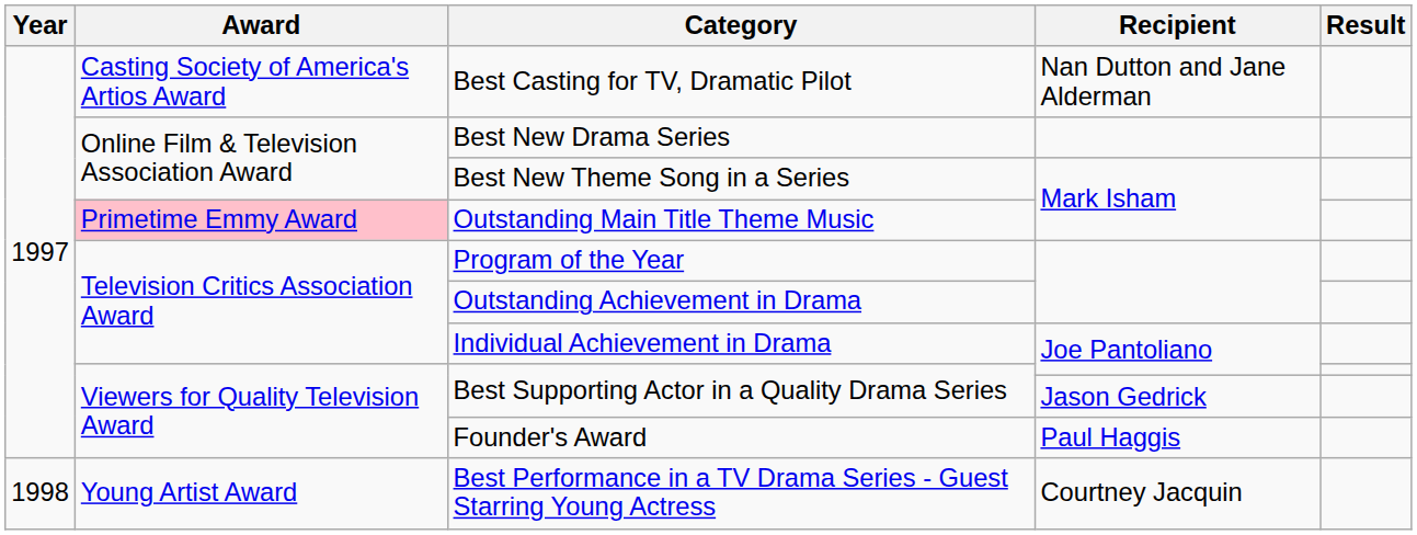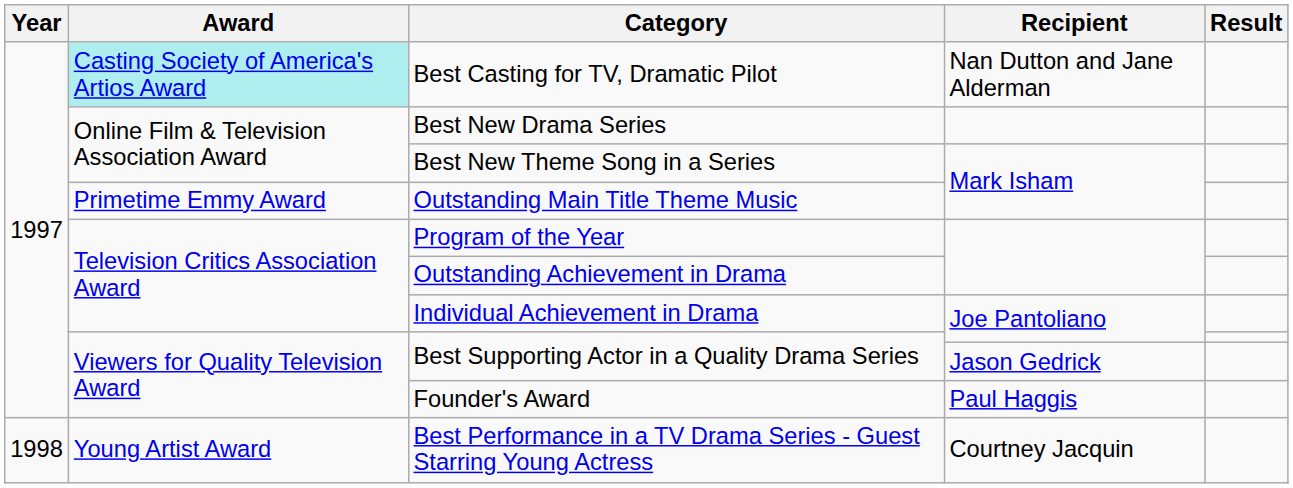 <table class="wikitable">
 <tr>
 <th>Year</th>
 <th>Award</th>
 <th>Category</th>
 <th>Recipient</th>
 <th>Result</th>
 </tr>
 <tr>
 <td rowspan=10>1997</td>
-<td><a href='#'>Casting Society of America's Artios Award</a></td>
+<td style="background: paleturquoise;"><a href='#'>Casting Society of America's Artios Award</a></td>
 <td>Best Casting for TV, Dramatic Pilot</td>
 <td>Nan Dutton and Jane Alderman</td>
 <td></td>
 </tr>
 <tr>
 <td rowspan=2>Online Film & Television Association Award</td>
 <td>Best New Drama Series</td>
 <td></td>
 <td></td>
 </tr>
 <tr>
 <td>Best New Theme Song in a Series</td>
 <td rowspan=2><a href='#'>Mark Isham</a></td>
 <td></td>
 </tr>
 <tr>
-<td style="background: pink;"><a href='#'>Primetime Emmy Award</a></td>
+<td><a href='#'>Primetime Emmy Award</a></td>
 <td><a href='#'>Outstanding Main Title Theme Music</a></td>
 <td></td>
 </tr>
 <tr>
 <td rowspan=3><a href='#'>Television Critics Association Award</a></td>
 <td><a href='#'>Program of the Year</a></td>
 <td rowspan=2></td>
 <td></td>
 </tr>
 <tr>
 <td><a href='#'>Outstanding Achievement in Drama</a></td>
 <td></td>
 </tr>
 <tr>
 <td><a href='#'>Individual Achievement in Drama</a></td>
 <td rowspan=2><a href='#'>Joe Pantoliano</a></td>
 <td></td>
 </tr>
 <tr>
 <td rowspan=3><a href='#'>Viewers for Quality Television Award</a></td>
 <td rowspan=2>Best Supporting Actor in a Quality Drama Series</td>
 <td></td>
 </tr>
 <tr>
 <td><a href='#'>Jason Gedrick</a></td>
 <td></td>
 </tr>
 <tr>
 <td>Founder's Award</td>
 <td><a href='#'>Paul Haggis</a></td>
 <td></td>
 </tr>
 <tr>
 <td>1998</td>
 <td><a href='#'>Young Artist Award</a></td>
 <td><a href='#'>Best Performance in a TV Drama Series - Guest Starring Young Actress</a></td>
 <td>Courtney Jacquin</td>
 <td></td>
 </tr>
 </table>
